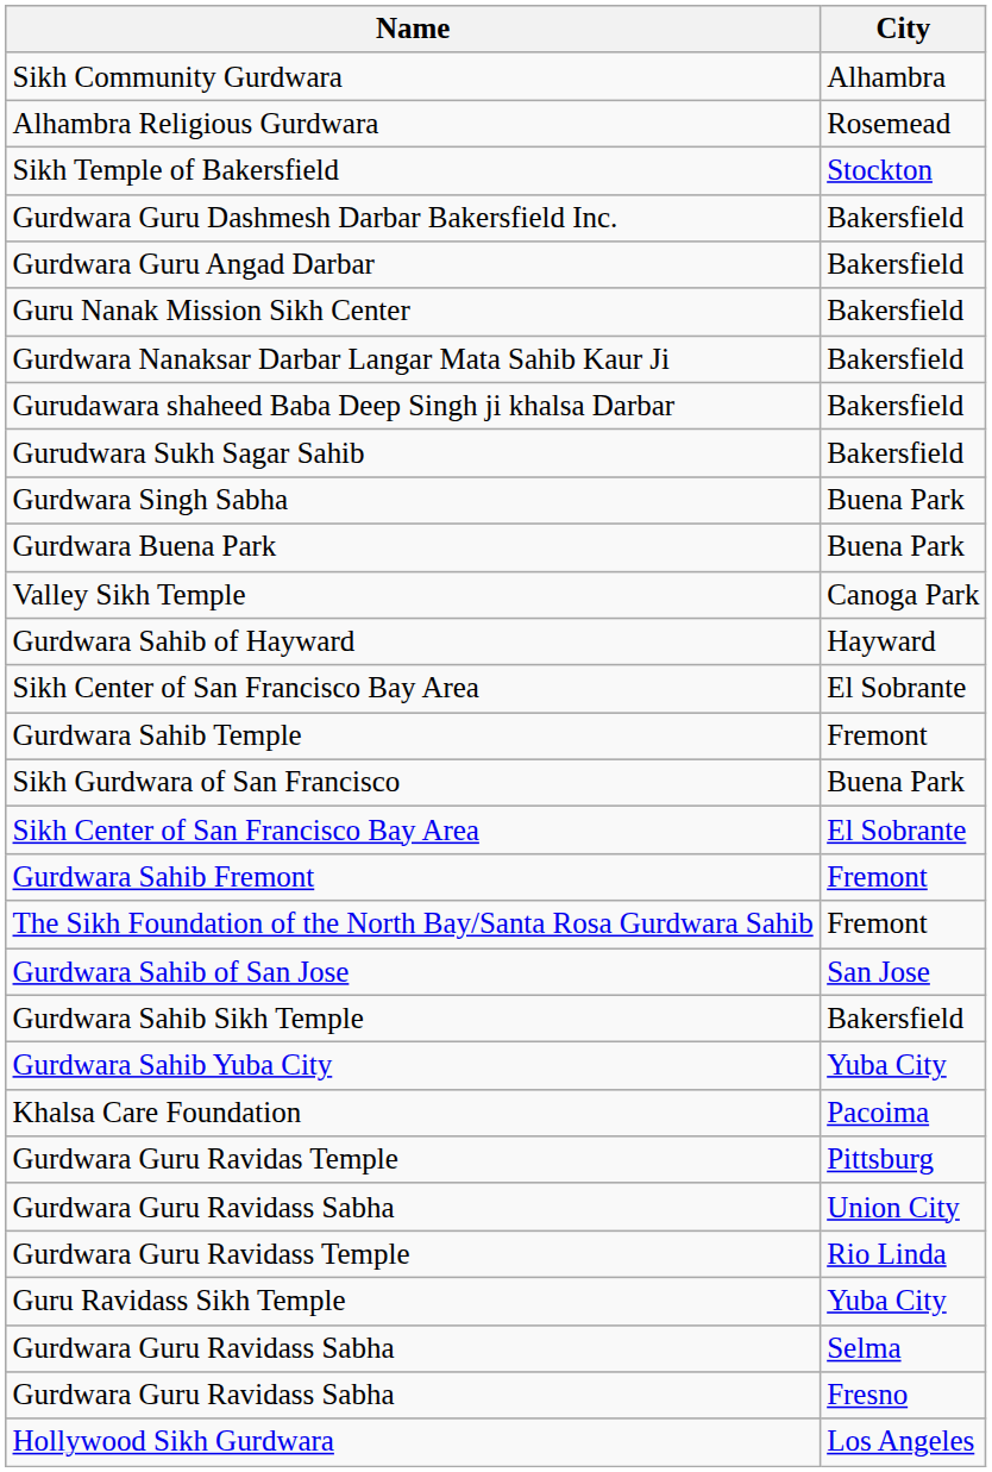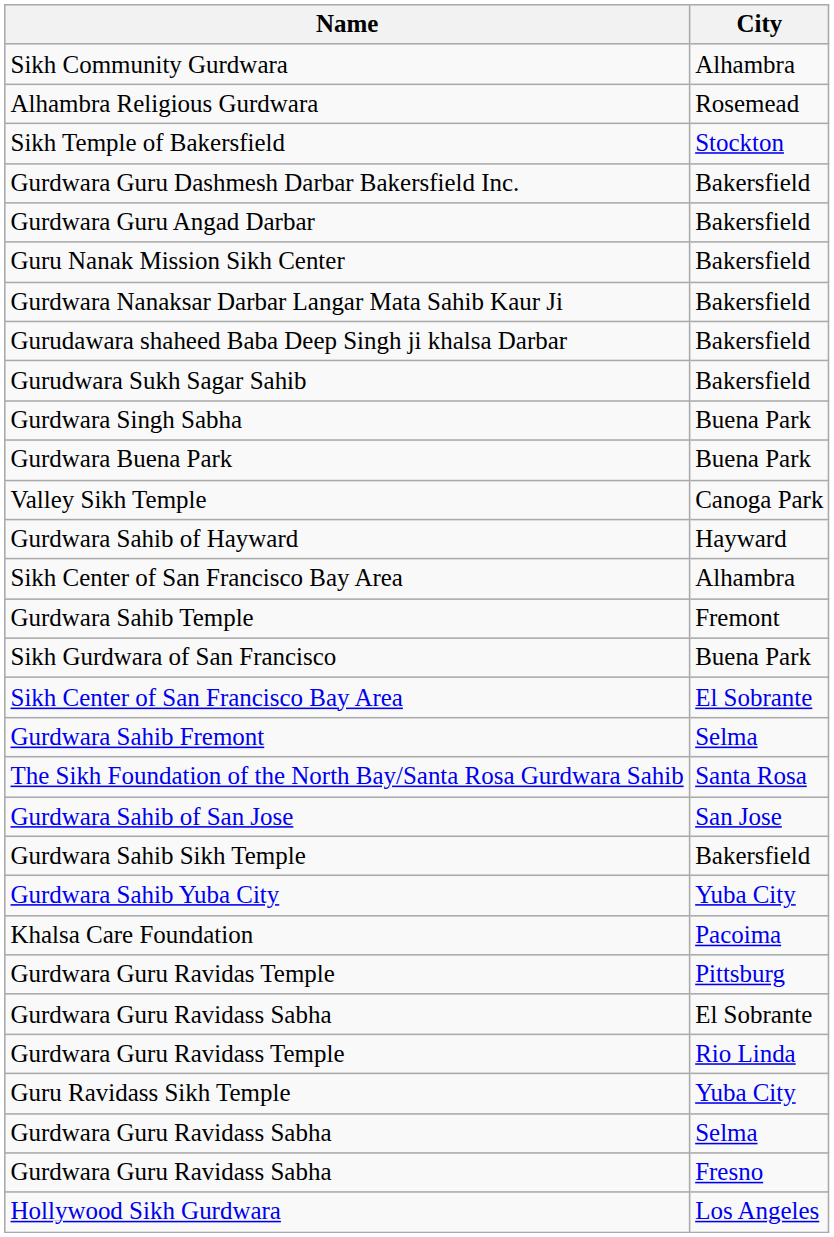 <table class="wikitable sortable">
 <tr>
 <th>Name</th>
 <th>City</th>
 </tr>
 <tr>
 <td>Sikh Community Gurdwara</td>
 <td>Alhambra</td>
 </tr>
 <tr>
 <td>Alhambra Religious Gurdwara</td>
 <td>Rosemead</td>
 </tr>
 <tr>
 <td>Sikh Temple of Bakersfield</td>
 <td><a href='#'>Stockton</a></td>
 </tr>
 <tr>
 <td>Gurdwara Guru Dashmesh Darbar Bakersfield Inc.</td>
 <td>Bakersfield</td>
 </tr>
 <tr>
 <td>Gurdwara Guru Angad Darbar</td>
 <td>Bakersfield</td>
 </tr>
 <tr>
 <td>Guru Nanak Mission Sikh Center</td>
 <td>Bakersfield</td>
 </tr>
 <tr>
 <td>Gurdwara Nanaksar Darbar Langar Mata Sahib Kaur Ji</td>
 <td>Bakersfield</td>
 </tr>
 <tr>
 <td>Gurudawara shaheed Baba Deep Singh ji khalsa Darbar</td>
 <td>Bakersfield</td>
 </tr>
 <tr>
 <td>Gurudwara Sukh Sagar Sahib</td>
 <td>Bakersfield</td>
 </tr>
 <tr>
 <td>Gurdwara Singh Sabha</td>
 <td>Buena Park</td>
 </tr>
 <tr>
 <td>Gurdwara Buena Park</td>
 <td>Buena Park</td>
 </tr>
 <tr>
 <td>Valley Sikh Temple</td>
 <td>Canoga Park</td>
 </tr>
 <tr>
 <td>Gurdwara Sahib of Hayward</td>
 <td>Hayward</td>
 </tr>
 <tr>
 <td>Sikh Center of San Francisco Bay Area</td>
-<td>El Sobrante</td>
+<td>Alhambra</td>
 </tr>
 <tr>
 <td>Gurdwara Sahib Temple</td>
 <td>Fremont</td>
 </tr>
 <tr>
 <td>Sikh Gurdwara of San Francisco</td>
 <td>Buena Park</td>
 </tr>
 <tr>
 <td><a href='#'>Sikh Center of San Francisco Bay Area</a></td>
 <td><a href='#'>El Sobrante</a></td>
 </tr>
 <tr>
 <td><a href='#'>Gurdwara Sahib Fremont</a></td>
-<td><a href='#'>Fremont</a></td>
+<td><a href='#'>Selma</a></td>
 </tr>
 <tr>
 <td><a href='#'>The Sikh Foundation of the North Bay/Santa Rosa Gurdwara Sahib</a></td>
-<td>Fremont</td>
+<td><a href='#'>Santa Rosa</a></td>
 </tr>
 <tr>
 <td><a href='#'>Gurdwara Sahib of San Jose</a></td>
 <td><a href='#'>San Jose</a></td>
 </tr>
 <tr>
 <td>Gurdwara Sahib Sikh Temple</td>
 <td>Bakersfield</td>
 </tr>
 <tr>
 <td><a href='#'>Gurdwara Sahib Yuba City</a></td>
 <td><a href='#'>Yuba City</a></td>
 </tr>
 <tr>
 <td>Khalsa Care Foundation</td>
 <td><a href='#'>Pacoima</a></td>
 </tr>
 <tr>
 <td>Gurdwara Guru Ravidas Temple</td>
 <td><a href='#'>Pittsburg</a></td>
 </tr>
 <tr>
 <td>Gurdwara Guru Ravidass Sabha</td>
-<td><a href='#'>Union City</a></td>
+<td>El Sobrante</td>
 </tr>
 <tr>
 <td>Gurdwara Guru Ravidass Temple</td>
 <td><a href='#'>Rio Linda</a></td>
 </tr>
 <tr>
 <td>Guru Ravidass Sikh Temple</td>
 <td><a href='#'>Yuba City</a></td>
 </tr>
 <tr>
 <td>Gurdwara Guru Ravidass Sabha</td>
 <td><a href='#'>Selma</a></td>
 </tr>
 <tr>
 <td>Gurdwara Guru Ravidass Sabha</td>
 <td><a href='#'>Fresno</a></td>
 </tr>
 <tr>
 <td><a href='#'>Hollywood Sikh Gurdwara</a></td>
 <td><a href='#'>Los Angeles</a></td>
 </tr>
 </table>
